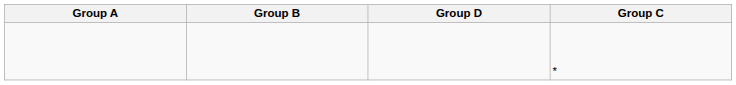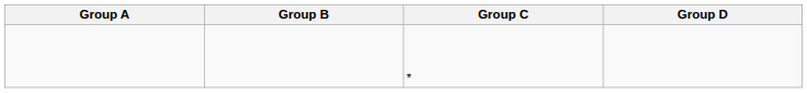 <table class="wikitable" width=80%>
 <tr>
 <th width=25%>Group A</th>
 <th width=25%>Group B</th>
+<th width=25%>Group C</th>
 <th width=25%>Group D</th>
-<th width=25%>Group C</th>
 </tr>
 <tr>
 <td valign=top><br><br> <br> <br> </td>
 <td valign=top><br><br> <br> <br> </td>
+<td valign=top><br><br> <br> <s></s>*<br> </td>
 <td valign=top><br><br> <br> <br> </td>
-<td valign=top><br><br> <br> <s></s>*<br> </td>
 </tr>
 </table>
